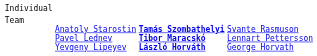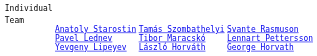 <table>
 <tr valign="top">
 <td>Individual<br></td>
 <td></td>
 <td></td>
 <td></td>
 </tr>
 <tr valign="top">
 <td>Team<br></td>
 <td><br><a href='#'>Anatoly Starostin</a><br><a href='#'>Pavel Lednev</a><br><a href='#'>Yevgeny Lipeyev</a></td>
-<td><strong><br><a href='#'>Tamás Szombathelyi</a><br><a href='#'>Tibor Maracskó</a><br><a href='#'>László Horváth</a></strong></td>
+<td><br><a href='#'>Tamás Szombathelyi</a><br><a href='#'>Tibor Maracskó</a><br><a href='#'>László Horváth</a></td>
 <td><br><a href='#'>Svante Rasmuson</a><br><a href='#'>Lennart Pettersson</a><br><a href='#'>George Horvath</a></td>
 </tr>
 </table>
